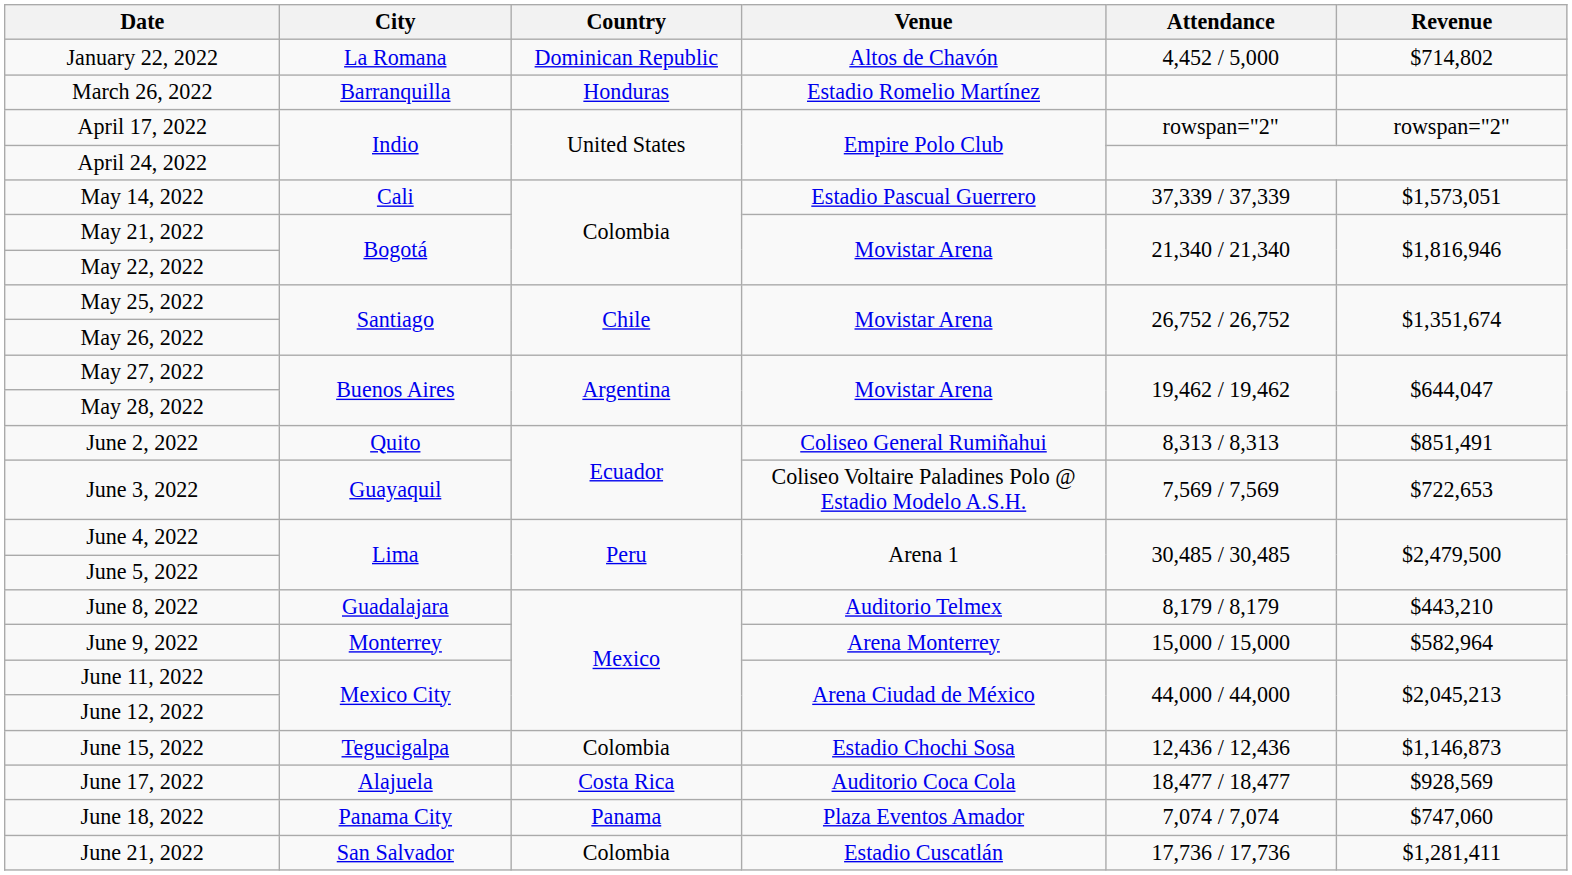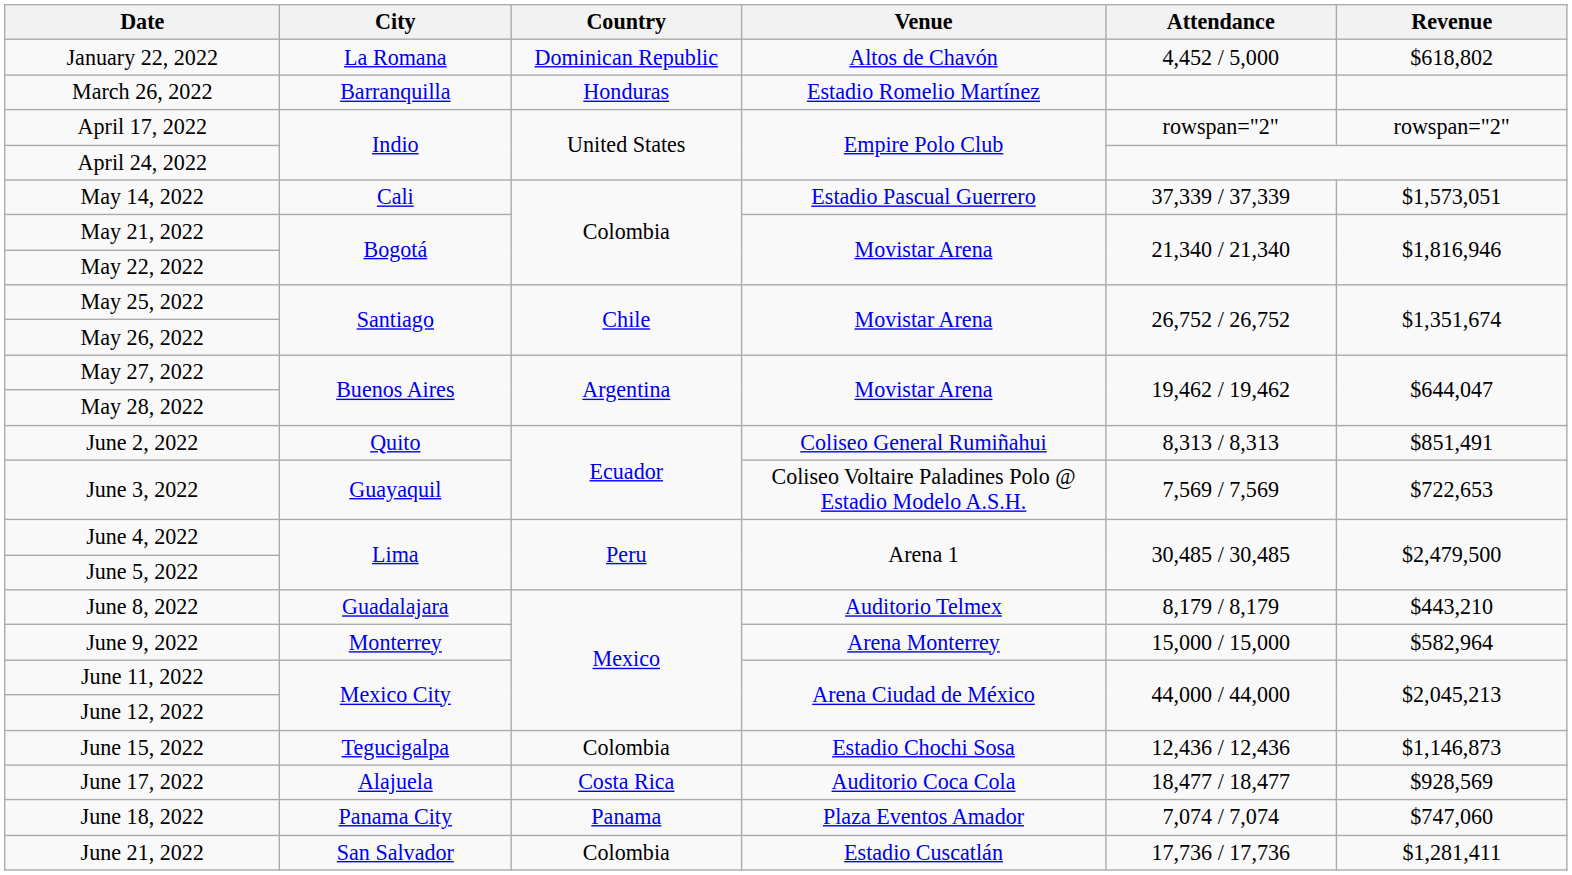 <table class="wikitable plainrowheaders" style="text-align:center;">
 <tr>
 <th scope="col" style="width:12em;">Date</th>
 <th scope="col" style="width:10em;">City</th>
 <th scope="col" style="width:10em;">Country</th>
 <th scope="col" style="width:16em;">Venue</th>
 <th scope="col" style="width:10em;">Attendance</th>
 <th scope="col" style="width:10em;">Revenue</th>
 </tr>
 <tr>
 <td>January 22, 2022</td>
 <td><a href='#'>La Romana</a></td>
 <td><a href='#'>Dominican Republic</a></td>
 <td><a href='#'>Altos de Chavón</a></td>
 <td>4,452 / 5,000</td>
-<td>$714,802</td>
+<td>$618,802</td>
 </tr>
 <tr>
 <td>March 26, 2022</td>
 <td><a href='#'>Barranquilla</a></td>
 <td><a href='#'>Honduras</a></td>
 <td><a href='#'>Estadio Romelio Martínez</a></td>
 <td></td>
 <td></td>
 </tr>
 <tr>
 <td>April 17, 2022</td>
 <td rowspan="2"><a href='#'>Indio</a></td>
 <td rowspan="2">United States</td>
 <td rowspan="2"><a href='#'>Empire Polo Club</a></td>
 <td>rowspan="2" </td>
 <td>rowspan="2" </td>
 </tr>
 <tr>
 <td>April 24, 2022</td>
 </tr>
 <tr>
 <td>May 14, 2022</td>
 <td><a href='#'>Cali</a></td>
 <td rowspan="3">Colombia</td>
 <td><a href='#'>Estadio Pascual Guerrero</a></td>
 <td>37,339 / 37,339</td>
 <td>$1,573,051</td>
 </tr>
 <tr>
 <td>May 21, 2022</td>
 <td rowspan="2"><a href='#'>Bogotá</a></td>
 <td rowspan="2"><a href='#'>Movistar Arena</a></td>
 <td rowspan="2">21,340 / 21,340</td>
 <td rowspan="2">$1,816,946</td>
 </tr>
 <tr>
 <td>May 22, 2022</td>
 </tr>
 <tr>
 <td>May 25, 2022</td>
 <td rowspan="2"><a href='#'>Santiago</a></td>
 <td rowspan="2"><a href='#'>Chile</a></td>
 <td rowspan="2"><a href='#'>Movistar Arena</a></td>
 <td rowspan="2">26,752 / 26,752</td>
 <td rowspan="2">$1,351,674</td>
 </tr>
 <tr>
 <td>May 26, 2022</td>
 </tr>
 <tr>
 <td>May 27, 2022</td>
 <td rowspan="2"><a href='#'>Buenos Aires</a></td>
 <td rowspan="2"><a href='#'>Argentina</a></td>
 <td rowspan="2"><a href='#'>Movistar Arena</a></td>
 <td rowspan="2">19,462 / 19,462</td>
 <td rowspan="2">$644,047</td>
 </tr>
 <tr>
 <td>May 28, 2022</td>
 </tr>
 <tr>
 <td>June 2, 2022</td>
 <td><a href='#'>Quito</a></td>
 <td rowspan="2"><a href='#'>Ecuador</a></td>
 <td><a href='#'>Coliseo General Rumiñahui</a></td>
 <td>8,313 / 8,313</td>
 <td>$851,491</td>
 </tr>
 <tr>
 <td>June 3, 2022</td>
 <td><a href='#'>Guayaquil</a></td>
 <td>Coliseo Voltaire Paladines Polo @ <a href='#'>Estadio Modelo A.S.H.</a></td>
 <td>7,569 / 7,569</td>
 <td>$722,653</td>
 </tr>
 <tr>
 <td>June 4, 2022</td>
 <td rowspan="2"><a href='#'>Lima</a></td>
 <td rowspan="2"><a href='#'>Peru</a></td>
 <td rowspan="2">Arena 1</td>
 <td rowspan="2">30,485 / 30,485</td>
 <td rowspan="2">$2,479,500</td>
 </tr>
 <tr>
 <td>June 5, 2022</td>
 </tr>
 <tr>
 <td>June 8, 2022</td>
 <td><a href='#'>Guadalajara</a></td>
 <td rowspan="4"><a href='#'>Mexico</a></td>
 <td><a href='#'>Auditorio Telmex</a></td>
 <td>8,179 / 8,179</td>
 <td>$443,210</td>
 </tr>
 <tr>
 <td>June 9, 2022</td>
 <td><a href='#'>Monterrey</a></td>
 <td><a href='#'>Arena Monterrey</a></td>
 <td>15,000 / 15,000</td>
 <td>$582,964</td>
 </tr>
 <tr>
 <td>June 11, 2022</td>
 <td rowspan="2"><a href='#'>Mexico City</a></td>
 <td rowspan="2"><a href='#'>Arena Ciudad de México</a></td>
 <td rowspan="2">44,000 / 44,000</td>
 <td rowspan="2">$2,045,213</td>
 </tr>
 <tr>
 <td>June 12, 2022</td>
 </tr>
 <tr>
 <td>June 15, 2022</td>
 <td><a href='#'>Tegucigalpa</a></td>
 <td>Colombia</td>
 <td><a href='#'>Estadio Chochi Sosa</a></td>
 <td>12,436 / 12,436</td>
 <td>$1,146,873</td>
 </tr>
 <tr>
 <td>June 17, 2022</td>
 <td><a href='#'>Alajuela</a></td>
 <td><a href='#'>Costa Rica</a></td>
 <td><a href='#'>Auditorio Coca Cola</a></td>
 <td>18,477 / 18,477</td>
 <td>$928,569</td>
 </tr>
 <tr>
 <td>June 18, 2022</td>
 <td><a href='#'>Panama City</a></td>
 <td><a href='#'>Panama</a></td>
 <td><a href='#'>Plaza Eventos Amador</a></td>
 <td>7,074 / 7,074</td>
 <td>$747,060</td>
 </tr>
 <tr>
 <td>June 21, 2022</td>
 <td><a href='#'>San Salvador</a></td>
 <td>Colombia</td>
 <td><a href='#'>Estadio Cuscatlán</a></td>
 <td>17,736 / 17,736</td>
 <td>$1,281,411</td>
 </tr>
 </table>
